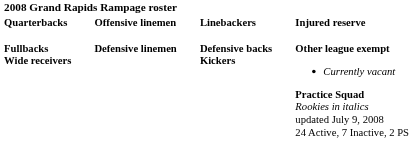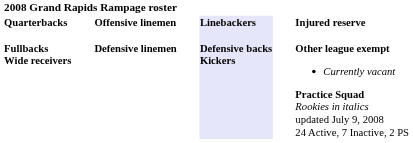 <table class="toccolours" style="text-align: left;">
 <tr>
 <th colspan=7><strong>2008 Grand Rapids Rampage roster</strong></th>
 </tr>
 <tr>
 <td style="font-size: 95%;" valign="top"><strong>Quarterbacks</strong><br> <br><strong>Fullbacks</strong>  <br><strong>Wide receivers</strong>    </td>
 <td style="width: 25px;"></td>
 <td style="font-size: 95%;" valign="top"><strong>Offensive linemen</strong><br>   <br><strong>Defensive linemen</strong>    </td>
 <td style="width: 25px;"></td>
-<td style="font-size: 95%;" valign="top"><strong>Linebackers</strong><br> <br><strong>Defensive backs</strong>     <br><strong>Kickers</strong> </td>
+<td style="background: lavender; font-size: 95%;" valign="top"><strong>Linebackers</strong><br> <br><strong>Defensive backs</strong>     <br><strong>Kickers</strong> </td>
 <td style="width: 25px;"></td>
 <td style="font-size: 95%;" valign="top"><strong>Injured reserve</strong><br>      <br><strong>Other league exempt</strong><ul><li><em>Currently vacant</em></li></ul><strong>Practice Squad</strong>  <br> <em>Rookies in italics</em><br>  updated July 9, 2008<br> 24 Active, 7 Inactive, 2 PS </td>
 </tr>
 <tr>
 </tr>
 </table>
